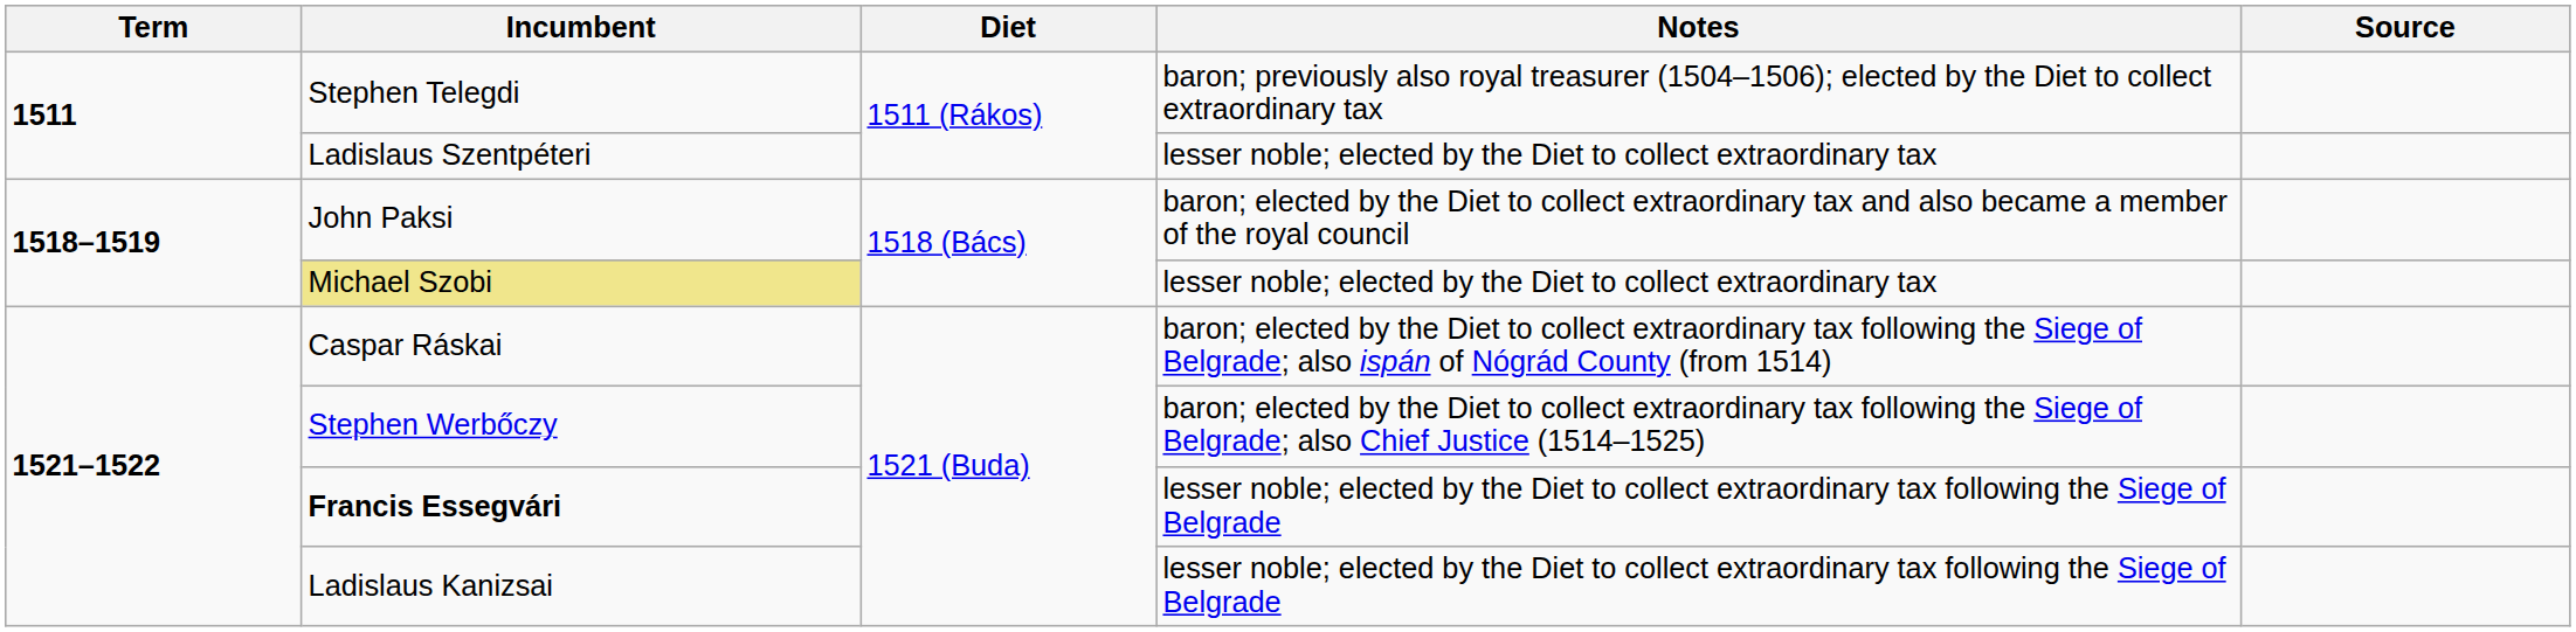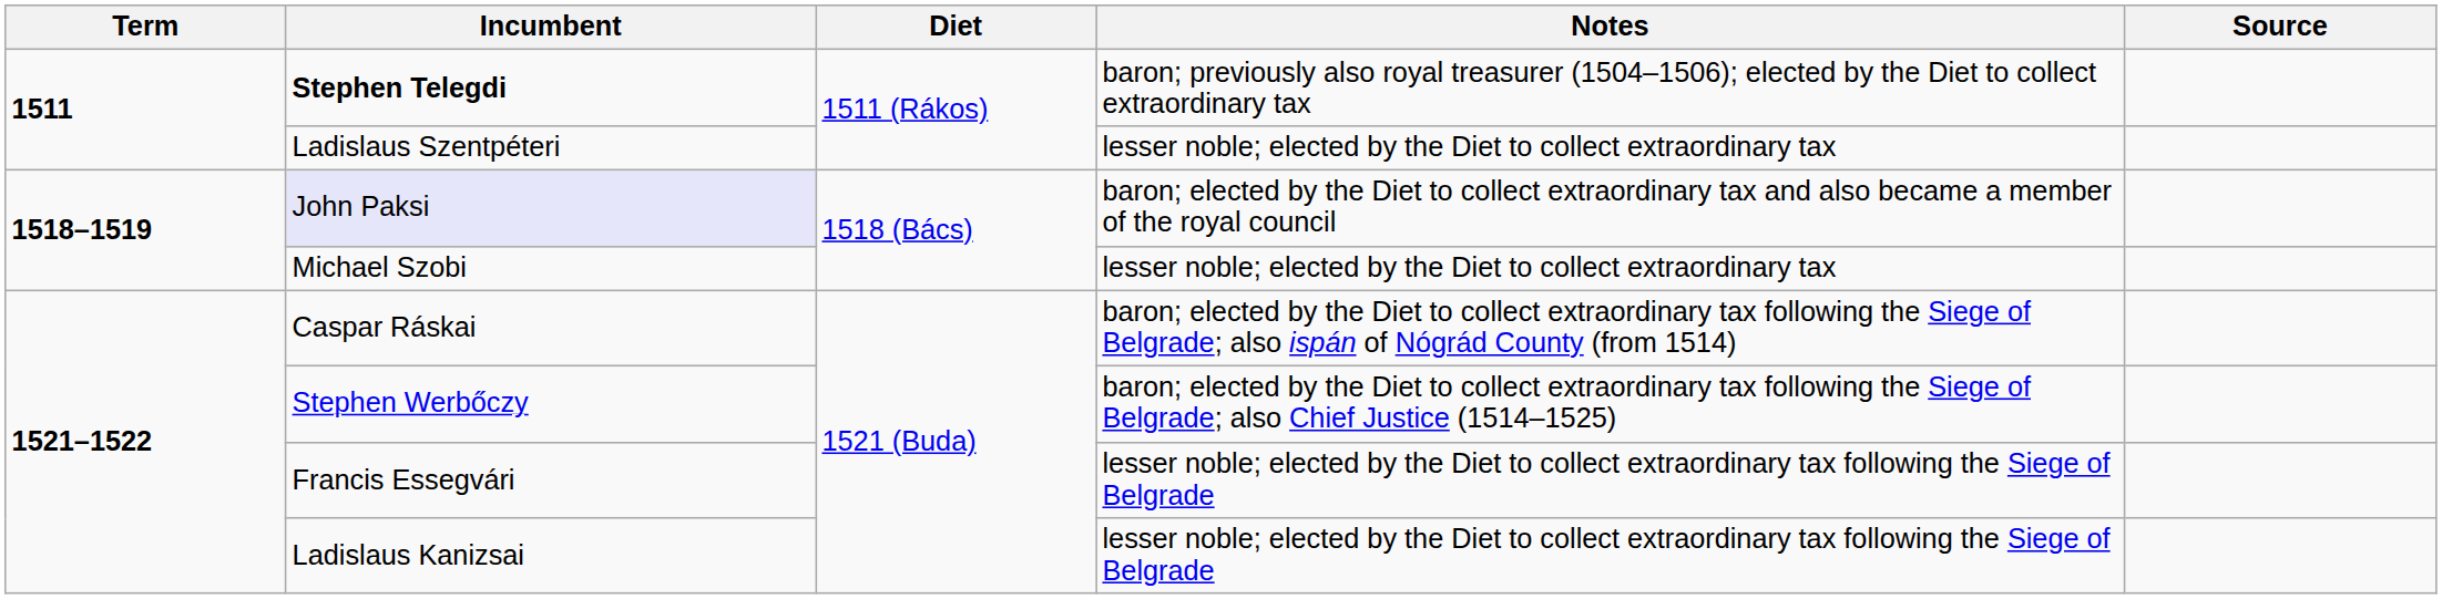 <table class="wikitable" style="width: 70%">
 <tr>
 <th scope="col" width="9%">Term</th>
 <th scope="col" width="17%">Incumbent</th>
 <th scope="col" width="9%">Diet</th>
 <th scope="col" width="33%">Notes</th>
 <th scope="col" width="10%">Source</th>
 </tr>
 <tr>
 <td rowspan="2"><strong>1511</strong></td>
-<td>Stephen Telegdi</td>
+<td><strong>Stephen Telegdi</strong></td>
 <td rowspan="2"><a href='#'>1511 (Rákos)</a></td>
 <td>baron; previously also royal treasurer (1504–1506); elected by the Diet to collect extraordinary tax</td>
 <td></td>
 </tr>
 <tr>
 <td>Ladislaus Szentpéteri</td>
 <td>lesser noble; elected by the Diet to collect extraordinary tax</td>
 <td></td>
 </tr>
 <tr>
 <td rowspan="2"><strong>1518–1519</strong></td>
-<td>John Paksi</td>
+<td style="background: lavender;">John Paksi</td>
 <td rowspan="2"><a href='#'>1518 (Bács)</a></td>
 <td>baron; elected by the Diet to collect extraordinary tax and also became a member of the royal council</td>
 <td></td>
 </tr>
 <tr>
-<td style="background: khaki;">Michael Szobi</td>
+<td>Michael Szobi</td>
 <td>lesser noble; elected by the Diet to collect extraordinary tax</td>
 <td></td>
 </tr>
 <tr>
 <td rowspan="4"><strong>1521–1522</strong></td>
 <td>Caspar Ráskai</td>
 <td rowspan="4"><a href='#'>1521 (Buda)</a></td>
 <td>baron; elected by the Diet to collect extraordinary tax following the <a href='#'>Siege of Belgrade</a>; also <em><a href='#'>ispán</a></em> of <a href='#'>Nógrád County</a> (from 1514)</td>
 <td></td>
 </tr>
 <tr>
 <td><a href='#'>Stephen Werbőczy</a></td>
 <td>baron; elected by the Diet to collect extraordinary tax following the <a href='#'>Siege of Belgrade</a>; also <a href='#'>Chief Justice</a> (1514–1525)</td>
 <td></td>
 </tr>
 <tr>
-<td><strong>Francis Essegvári</strong></td>
+<td>Francis Essegvári</td>
 <td>lesser noble; elected by the Diet to collect extraordinary tax following the <a href='#'>Siege of Belgrade</a></td>
 <td></td>
 </tr>
 <tr>
 <td>Ladislaus Kanizsai</td>
 <td>lesser noble; elected by the Diet to collect extraordinary tax following the <a href='#'>Siege of Belgrade</a></td>
 <td></td>
 </tr>
 </table>
